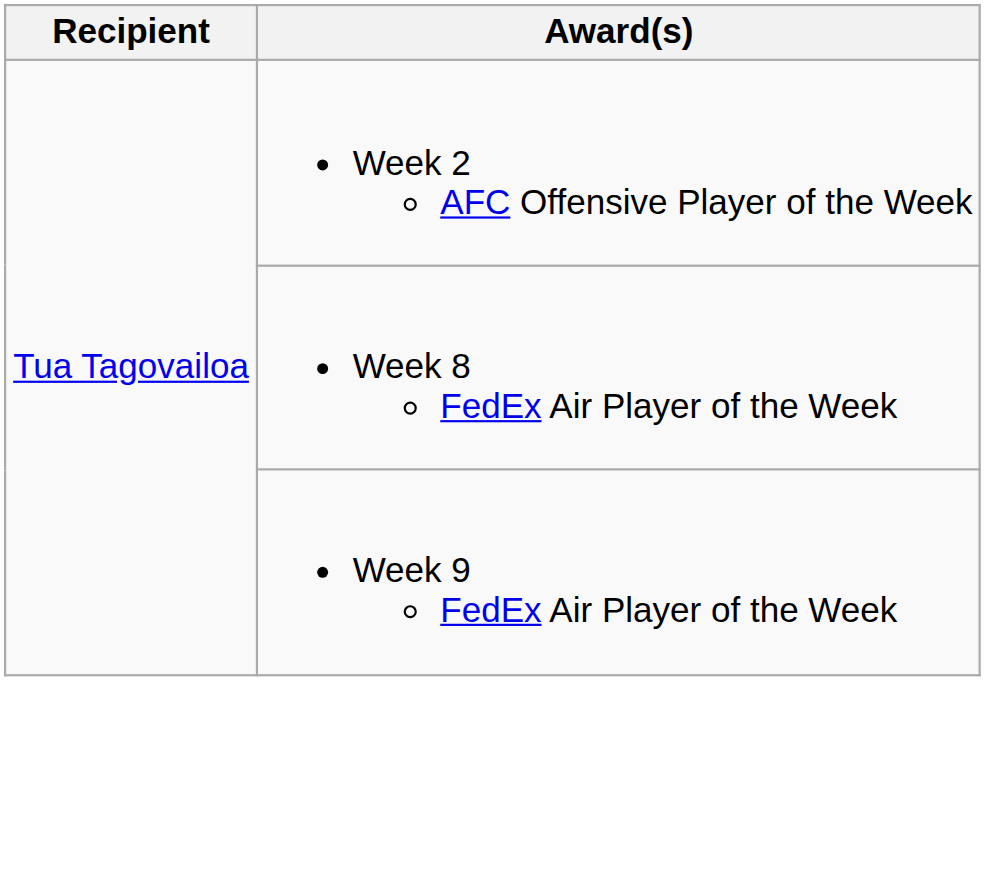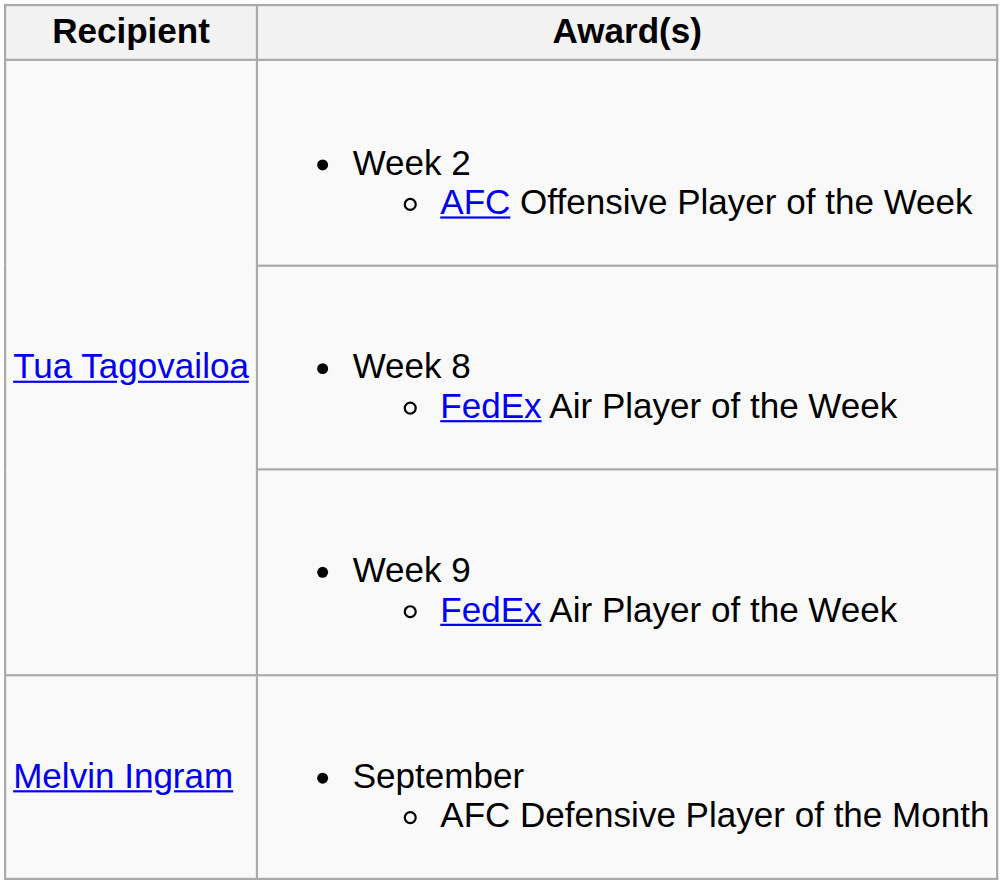 <table class="wikitable">
 <tr>
 <th>Recipient</th>
 <th>Award(s)</th>
 </tr>
 <tr>
 <td rowspan="3"><a href='#'>Tua Tagovailoa</a></td>
 <td><br><ul><li>Week 2<ul><li><a href='#'>AFC</a> Offensive Player of the Week</li></ul></li></ul></td>
 </tr>
 <tr>
 <td><br><ul><li>Week 8<ul><li><a href='#'>FedEx</a> Air Player of the Week</li></ul></li></ul></td>
 </tr>
 <tr>
 <td><br><ul><li>Week 9<ul><li><a href='#'>FedEx</a> Air Player of the Week</li></ul></li></ul></td>
 </tr>
+<tr>
+<td><a href='#'>Melvin Ingram</a></td>
+<td><br><ul><li>September<ul><li>AFC Defensive Player of the Month</li></ul></li></ul></td>
+</tr>
 </table>
